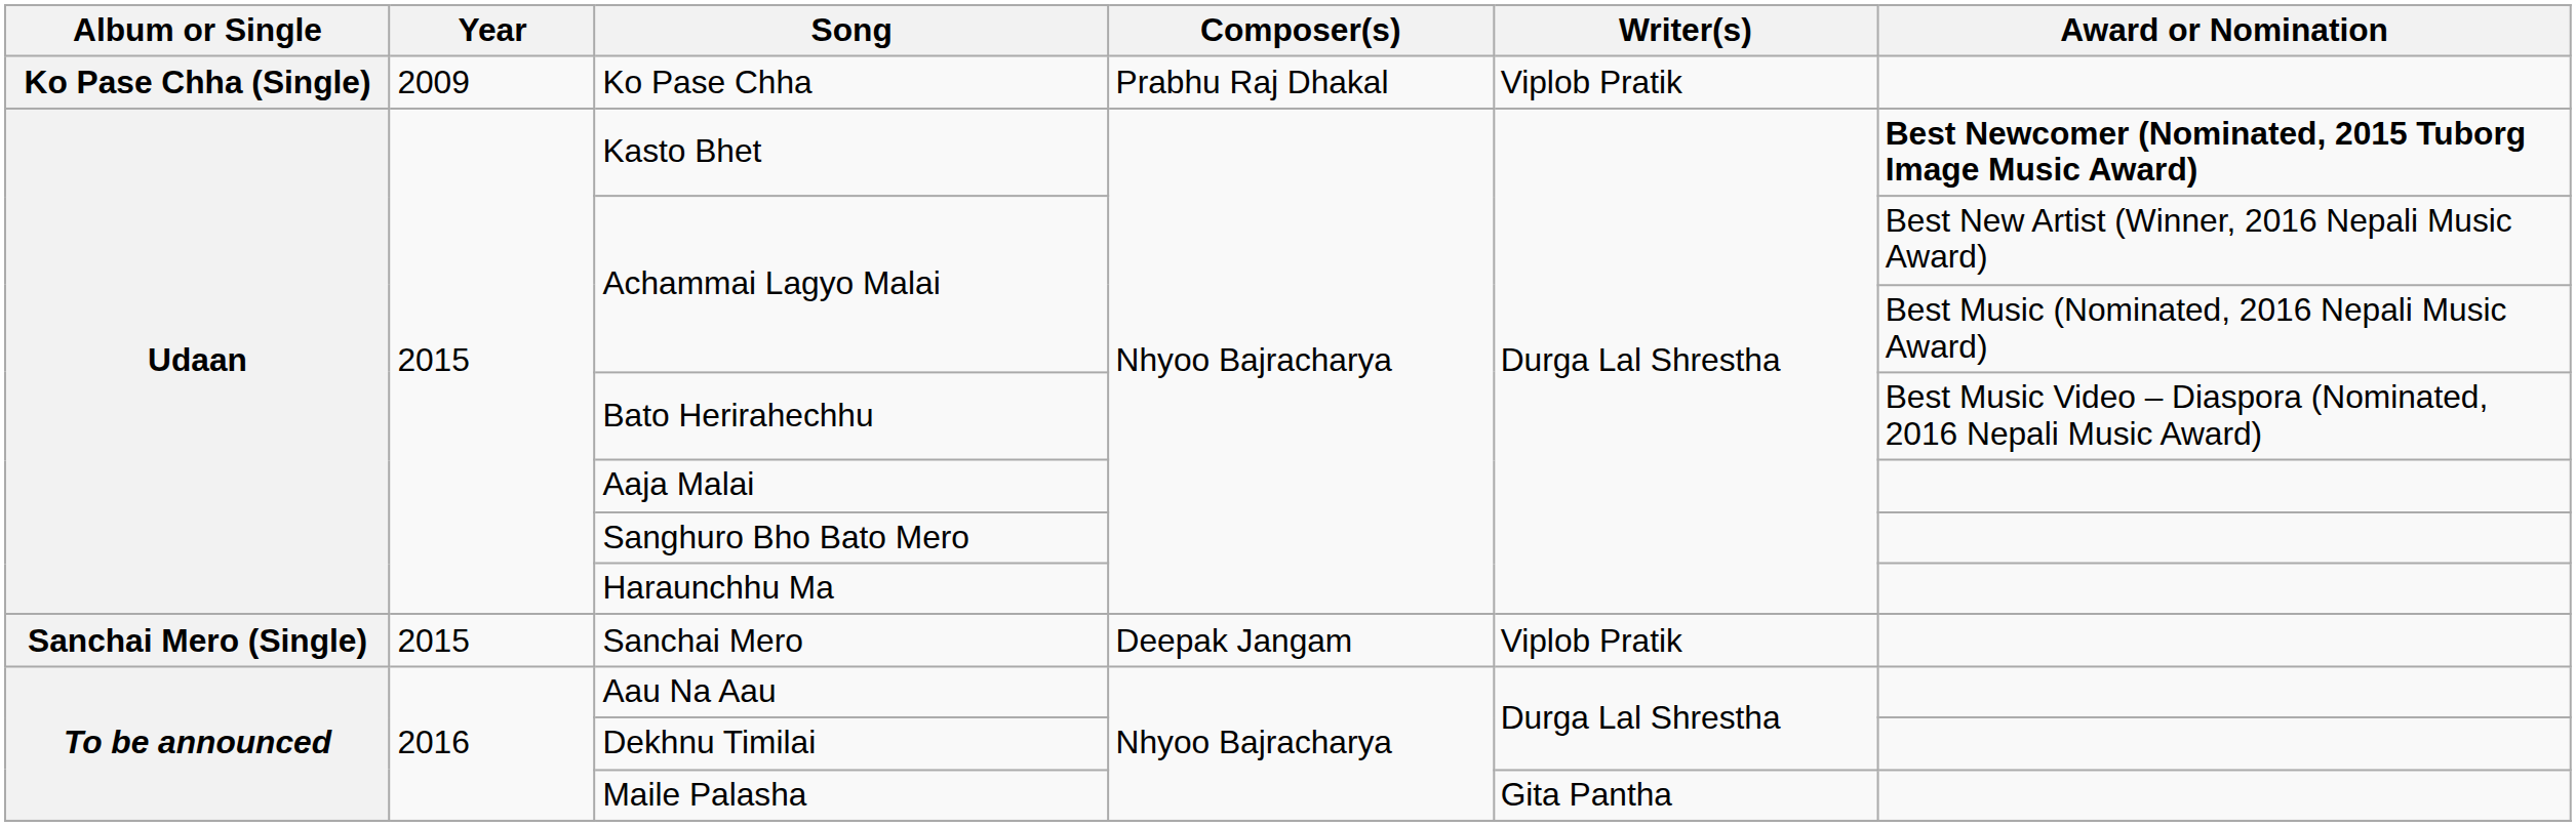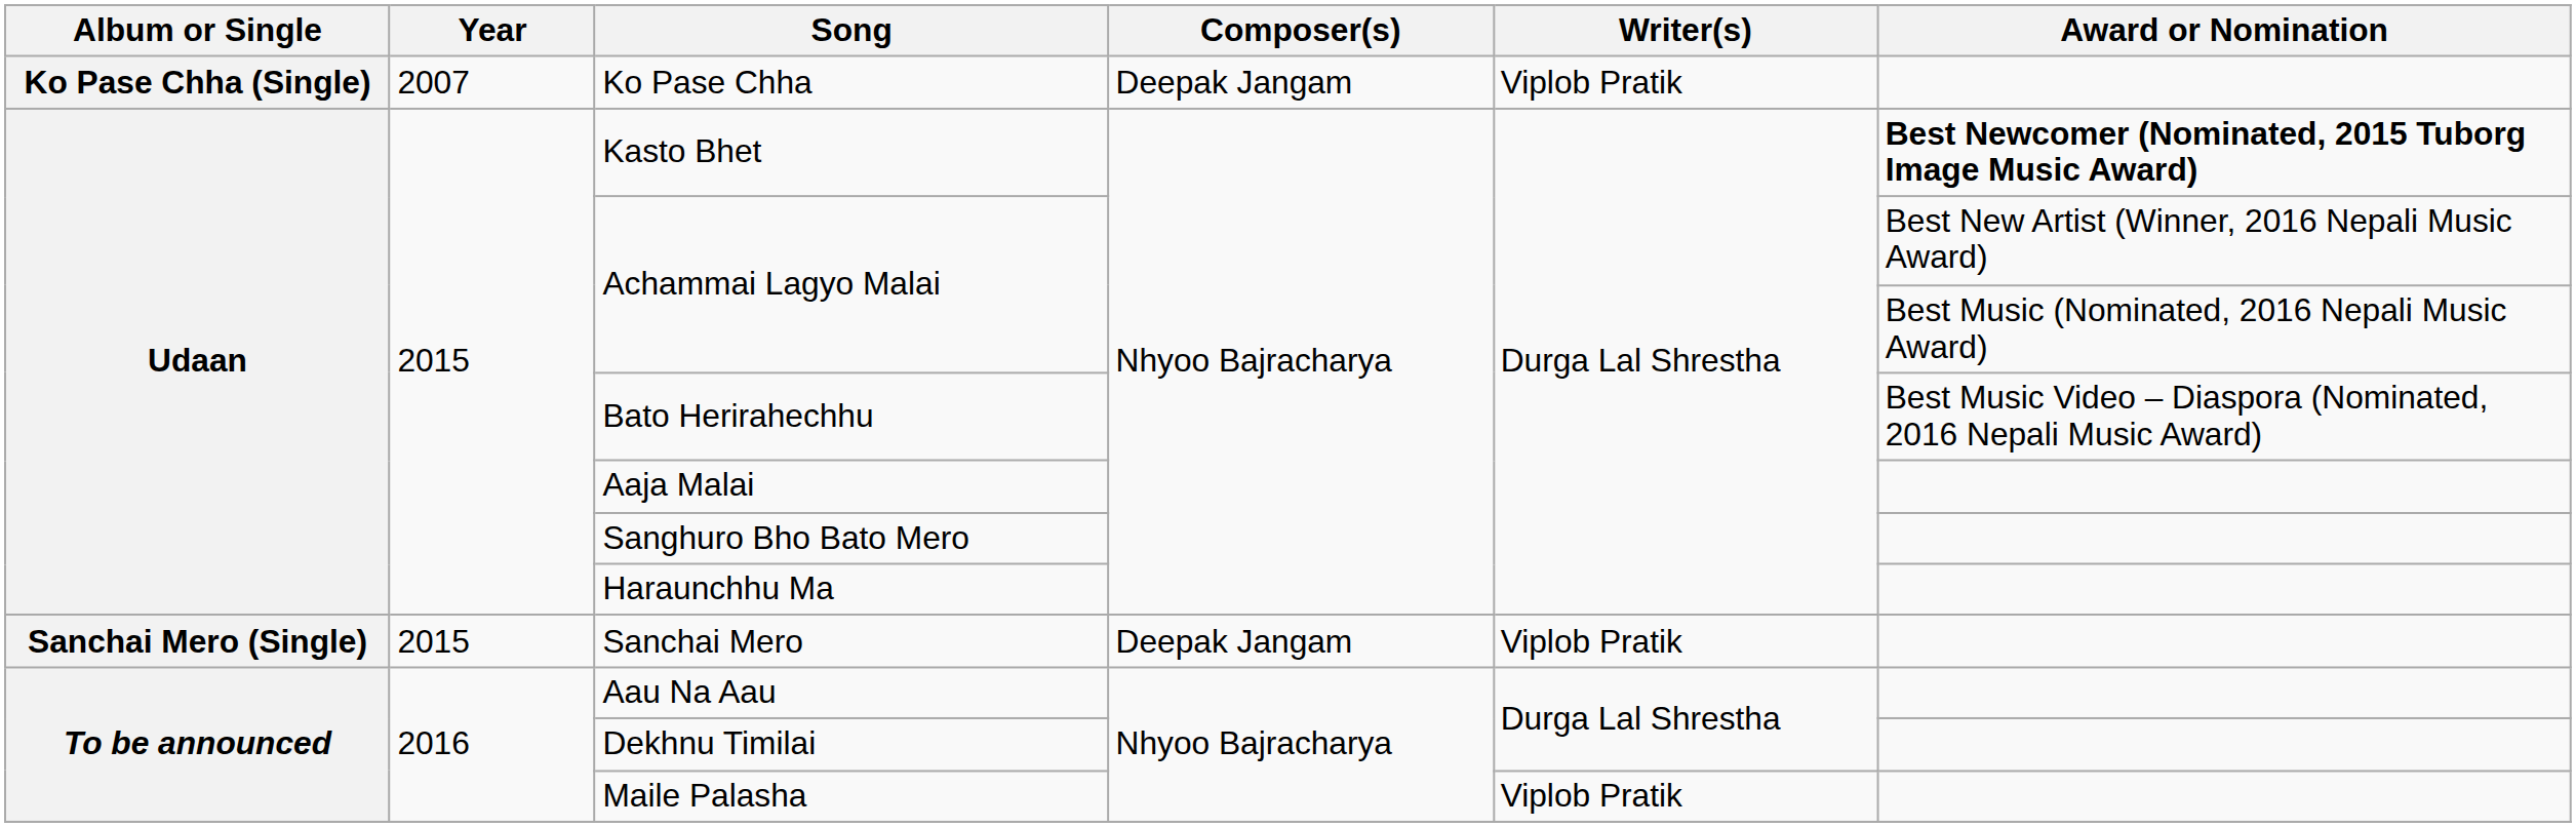 <table class="wikitable plainrowheaders" width="100%" textcolor:#000;">
 <tr style="background:#b0e0e66;">
 <th scope="col" width=15%><strong>Album or Single</strong></th>
 <th scope="col" width=8%><strong>Year</strong></th>
 <th scope="col" width=20%><strong>Song</strong></th>
 <th scope="col" width=15%><strong>Composer(s)</strong></th>
 <th scope="col" width=15%><strong>Writer(s)</strong></th>
 <th scole="col" width=27%><strong>Award or Nomination</strong></th>
 </tr>
 <tr>
 <th scope="row"><strong>Ko Pase Chha</strong> (Single)</th>
-<td>2009</td>
+<td>2007</td>
 <td>Ko Pase Chha</td>
-<td>Prabhu Raj Dhakal</td>
+<td>Deepak Jangam</td>
 <td>Viplob Pratik</td>
 <td></td>
 </tr>
 <tr>
 <th scope="row"  rowspan="7"><strong>Udaan</strong></th>
 <td rowspan="7">2015</td>
 <td>Kasto Bhet</td>
 <td rowspan="7">Nhyoo Bajracharya</td>
 <td rowspan="7">Durga Lal Shrestha</td>
 <td><strong>Best Newcomer (Nominated, 2015 Tuborg Image Music Award)</strong></td>
 </tr>
 <tr>
 <td rowspan="2">Achammai Lagyo Malai</td>
 <td>Best New Artist (Winner, 2016 Nepali Music Award)</td>
 </tr>
 <tr>
 <td>Best Music (Nominated, 2016 Nepali Music Award)</td>
 </tr>
 <tr>
 <td>Bato Herirahechhu</td>
 <td>Best Music Video – Diaspora (Nominated, 2016 Nepali Music Award)</td>
 </tr>
 <tr>
 <td>Aaja Malai</td>
 <td></td>
 </tr>
 <tr>
 <td>Sanghuro Bho Bato Mero</td>
 <td></td>
 </tr>
 <tr>
 <td>Haraunchhu Ma</td>
 <td></td>
 </tr>
 <tr>
 <th scope="row"><strong>Sanchai Mero</strong> (Single)</th>
 <td>2015</td>
 <td>Sanchai Mero</td>
 <td>Deepak Jangam</td>
 <td>Viplob Pratik</td>
 <td></td>
 </tr>
 <tr>
 <th scope="row" rowspan="3"><em>To be announced</em></th>
 <td rowspan="3">2016</td>
 <td>Aau Na Aau</td>
 <td rowspan="3">Nhyoo Bajracharya</td>
 <td rowspan="2">Durga Lal Shrestha</td>
 <td></td>
 </tr>
 <tr>
 <td>Dekhnu Timilai</td>
 <td></td>
 </tr>
 <tr>
 <td>Maile Palasha</td>
-<td>Gita Pantha</td>
+<td>Viplob Pratik</td>
 <td></td>
 </tr>
 <tr>
 </tr>
 </table>
